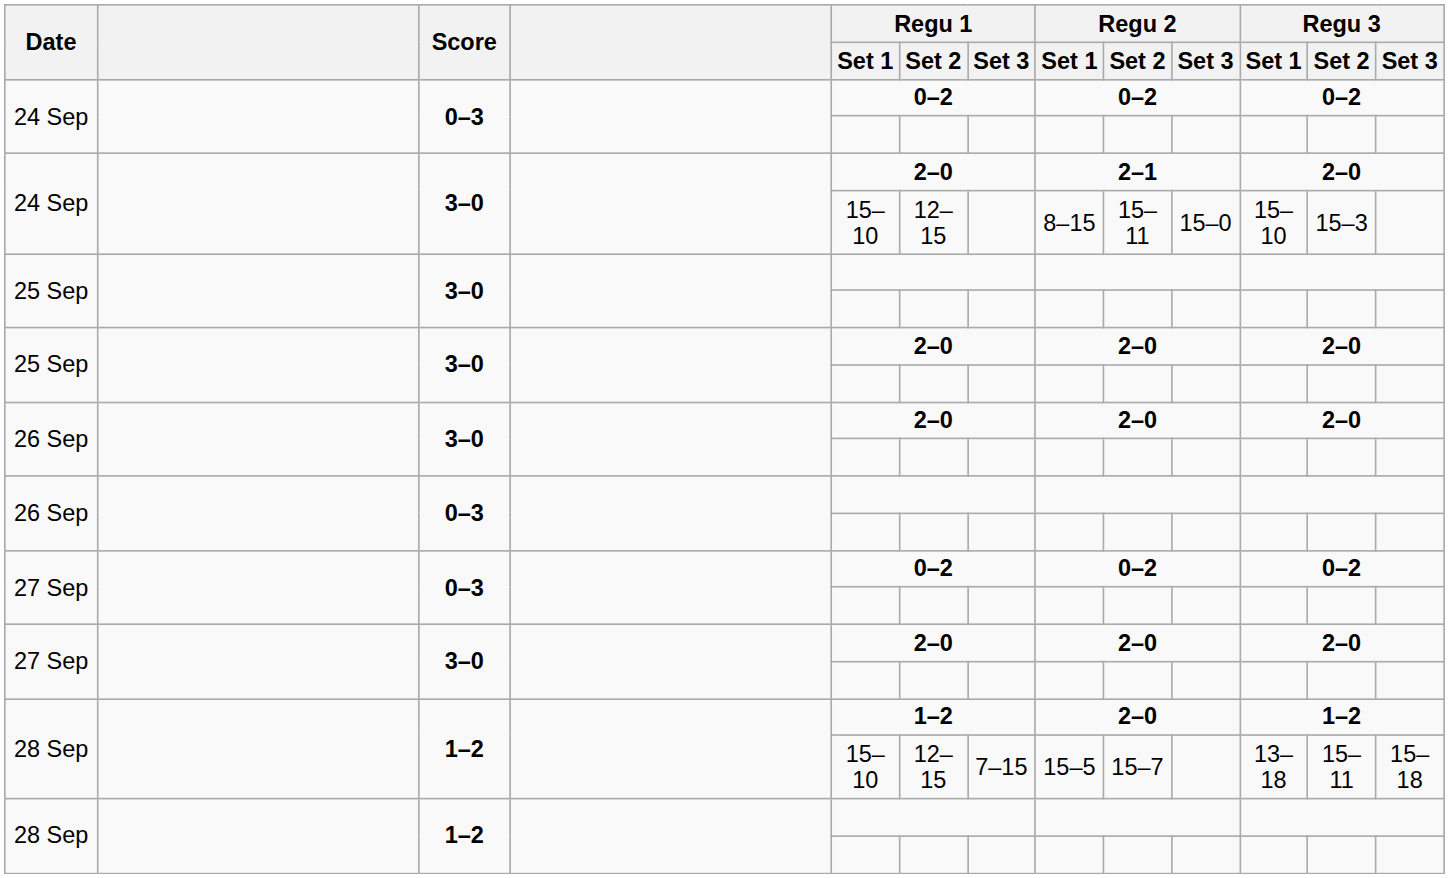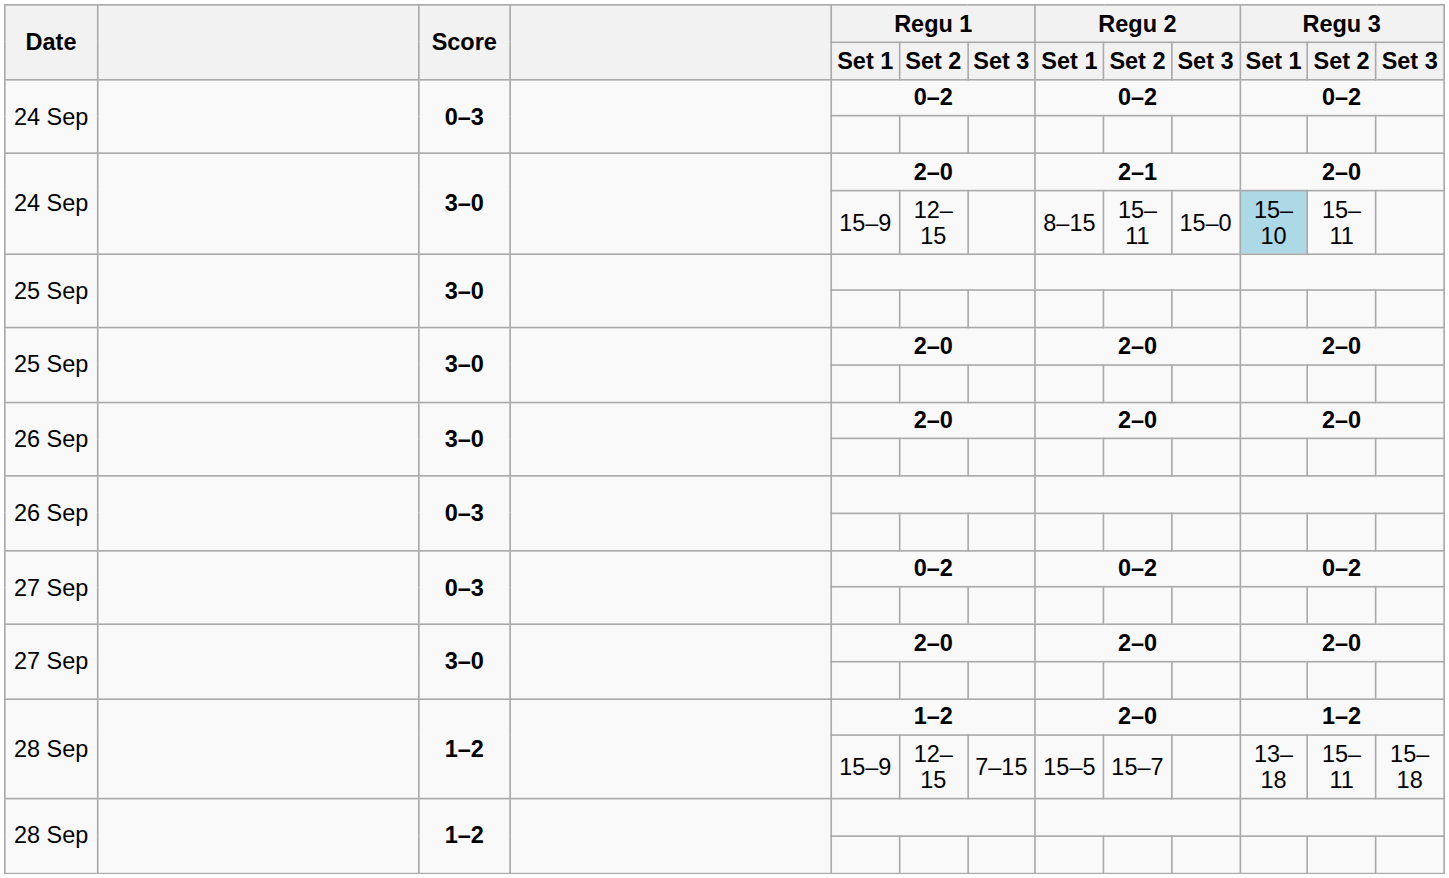 <table class="wikitable" style="text-align: center; font-size:90% ">
 <tr>
 <th rowspan=2 width="50">Date</th>
 <th rowspan=2 align="right" width="190"></th>
 <th rowspan=2 width="50">Score</th>
 <th rowspan=2 align="left" width="190"></th>
 <th colspan=3>Regu 1</th>
 <th colspan=3>Regu 2</th>
 <th colspan=3>Regu 3</th>
 </tr>
 <tr>
 <th width="35">Set 1</th>
 <th width="35">Set 2</th>
 <th width="35">Set 3</th>
 <th width="35">Set 1</th>
 <th width="35">Set 2</th>
 <th width="35">Set 3</th>
 <th width="35">Set 1</th>
 <th width="35">Set 2</th>
 <th width="35">Set 3</th>
 </tr>
 <tr>
 <td rowspan=2>24 Sep</td>
 <td rowspan=2 align=right></td>
 <td rowspan=2 align=center><strong>0–3</strong></td>
 <td rowspan=2 align=left><strong></strong></td>
 <td colspan=3><strong>0–2</strong></td>
 <td colspan=3><strong>0–2</strong></td>
 <td colspan=3><strong>0–2</strong></td>
 </tr>
 <tr>
 <td> </td>
 <td></td>
 <td></td>
 <td></td>
 <td></td>
 <td></td>
 <td></td>
 <td></td>
 <td></td>
 </tr>
 <tr>
 <td rowspan=2>24 Sep</td>
 <td rowspan=2 align=right><strong></strong></td>
 <td rowspan=2 align=center><strong>3–0</strong></td>
 <td rowspan=2 align=left></td>
 <td colspan=3><strong>2–0</strong></td>
 <td colspan=3><strong>2–1</strong></td>
 <td colspan=3><strong>2–0</strong></td>
 </tr>
 <tr>
-<td>15–10</td>
+<td>15–9</td>
 <td>12–15</td>
 <td></td>
 <td>8–15</td>
 <td>15–11</td>
 <td>15–0</td>
-<td>15–10</td>
-<td>15–3</td>
+<td style="background: lightblue;">15–10</td>
+<td>15–11</td>
 <td></td>
 </tr>
 <tr>
 <td rowspan=2>25 Sep</td>
 <td rowspan=2 align=right><strong></strong></td>
 <td rowspan=2 align=center><strong>3–0</strong></td>
 <td rowspan=2 align=left></td>
 <td colspan=3> </td>
 <td colspan=3></td>
 <td colspan=3></td>
 </tr>
 <tr>
 <td> </td>
 <td></td>
 <td></td>
 <td></td>
 <td></td>
 <td></td>
 <td></td>
 <td></td>
 <td></td>
 </tr>
 <tr>
 <td rowspan=2>25 Sep</td>
 <td rowspan=2 align=right><strong></strong></td>
 <td rowspan=2 align=center><strong>3–0</strong></td>
 <td rowspan=2 align=left></td>
 <td colspan=3><strong>2–0</strong></td>
 <td colspan=3><strong>2–0</strong></td>
 <td colspan=3><strong>2–0</strong></td>
 </tr>
 <tr>
 <td> </td>
 <td></td>
 <td></td>
 <td></td>
 <td></td>
 <td></td>
 <td></td>
 <td></td>
 <td></td>
 </tr>
 <tr>
 <td rowspan=2>26 Sep</td>
 <td rowspan=2 align=right><strong></strong></td>
 <td rowspan=2 align=center><strong>3–0</strong></td>
 <td rowspan=2 align=left></td>
 <td colspan=3><strong>2–0</strong></td>
 <td colspan=3><strong>2–0</strong></td>
 <td colspan=3><strong>2–0</strong></td>
 </tr>
 <tr>
 <td> </td>
 <td></td>
 <td></td>
 <td></td>
 <td></td>
 <td></td>
 <td></td>
 <td></td>
 <td></td>
 </tr>
 <tr>
 <td rowspan=2>26 Sep</td>
 <td rowspan=2 align=right></td>
 <td rowspan=2 align=center><strong>0–3</strong></td>
 <td rowspan=2 align=left><strong></strong></td>
 <td colspan=3> </td>
 <td colspan=3></td>
 <td colspan=3></td>
 </tr>
 <tr>
 <td> </td>
 <td></td>
 <td></td>
 <td></td>
 <td></td>
 <td></td>
 <td></td>
 <td></td>
 <td></td>
 </tr>
 <tr>
 <td rowspan=2>27 Sep</td>
 <td rowspan=2 align=right></td>
 <td rowspan=2 align=center><strong>0–3</strong></td>
 <td rowspan=2 align=left><strong></strong></td>
 <td colspan=3><strong>0–2</strong></td>
 <td colspan=3><strong>0–2</strong></td>
 <td colspan=3><strong>0–2</strong></td>
 </tr>
 <tr>
 <td> </td>
 <td></td>
 <td></td>
 <td></td>
 <td></td>
 <td></td>
 <td></td>
 <td></td>
 <td></td>
 </tr>
 <tr>
 <td rowspan=2>27 Sep</td>
 <td rowspan=2 align=right><strong></strong></td>
 <td rowspan=2 align=center><strong>3–0</strong></td>
 <td rowspan=2 align=left></td>
 <td colspan=3><strong>2–0</strong></td>
 <td colspan=3><strong>2–0</strong></td>
 <td colspan=3><strong>2–0</strong></td>
 </tr>
 <tr>
 <td> </td>
 <td></td>
 <td></td>
 <td></td>
 <td></td>
 <td></td>
 <td></td>
 <td></td>
 <td></td>
 </tr>
 <tr>
 <td rowspan=2>28 Sep</td>
 <td rowspan=2 align=right></td>
 <td rowspan=2 align=center><strong>1–2</strong></td>
 <td rowspan=2 align=left><strong></strong></td>
 <td colspan=3><strong>1–2</strong></td>
 <td colspan=3><strong>2–0</strong></td>
 <td colspan=3><strong>1–2</strong></td>
 </tr>
 <tr>
-<td>15–10</td>
+<td>15–9</td>
 <td>12–15</td>
 <td>7–15</td>
 <td>15–5</td>
 <td>15–7</td>
 <td></td>
 <td>13–18</td>
 <td>15–11</td>
 <td>15–18</td>
 </tr>
 <tr>
 <td rowspan=2>28 Sep</td>
 <td rowspan=2 align=right></td>
 <td rowspan=2 align=center><strong>1–2</strong></td>
 <td rowspan=2 align=left><strong></strong></td>
 <td colspan=3> </td>
 <td colspan=3></td>
 <td colspan=3></td>
 </tr>
 <tr>
 <td> </td>
 <td></td>
 <td></td>
 <td></td>
 <td></td>
 <td></td>
 <td></td>
 <td></td>
 <td></td>
 </tr>
 </table>
